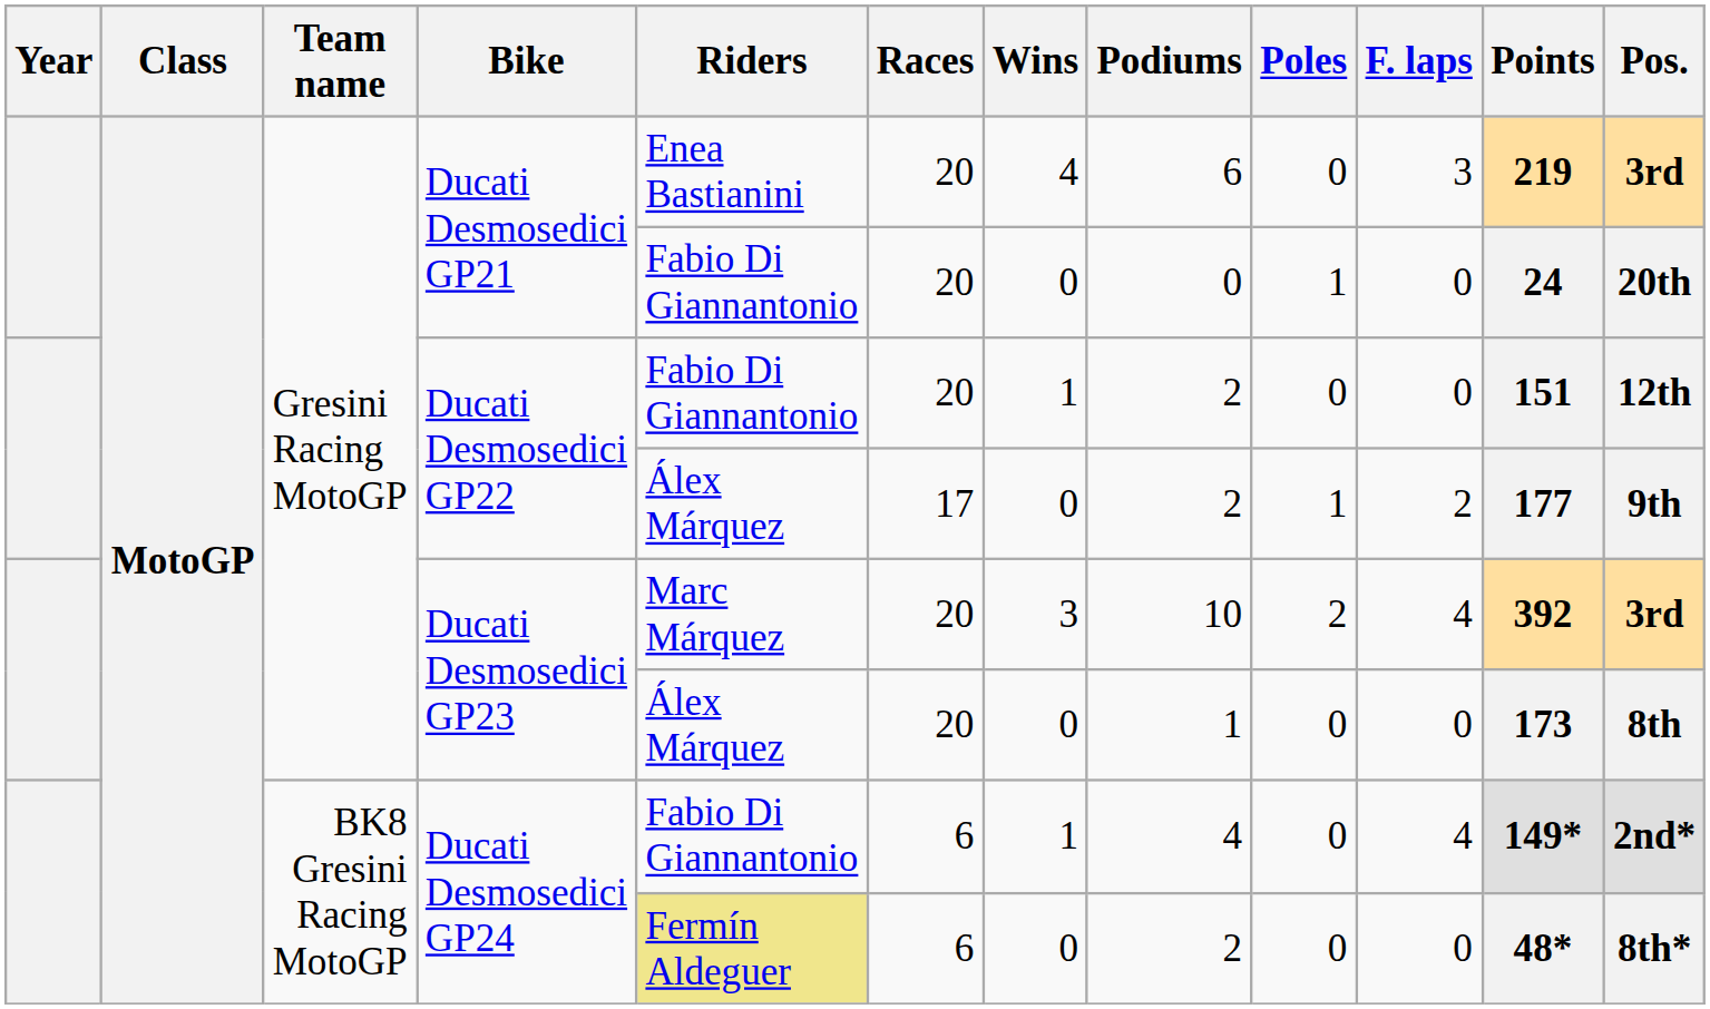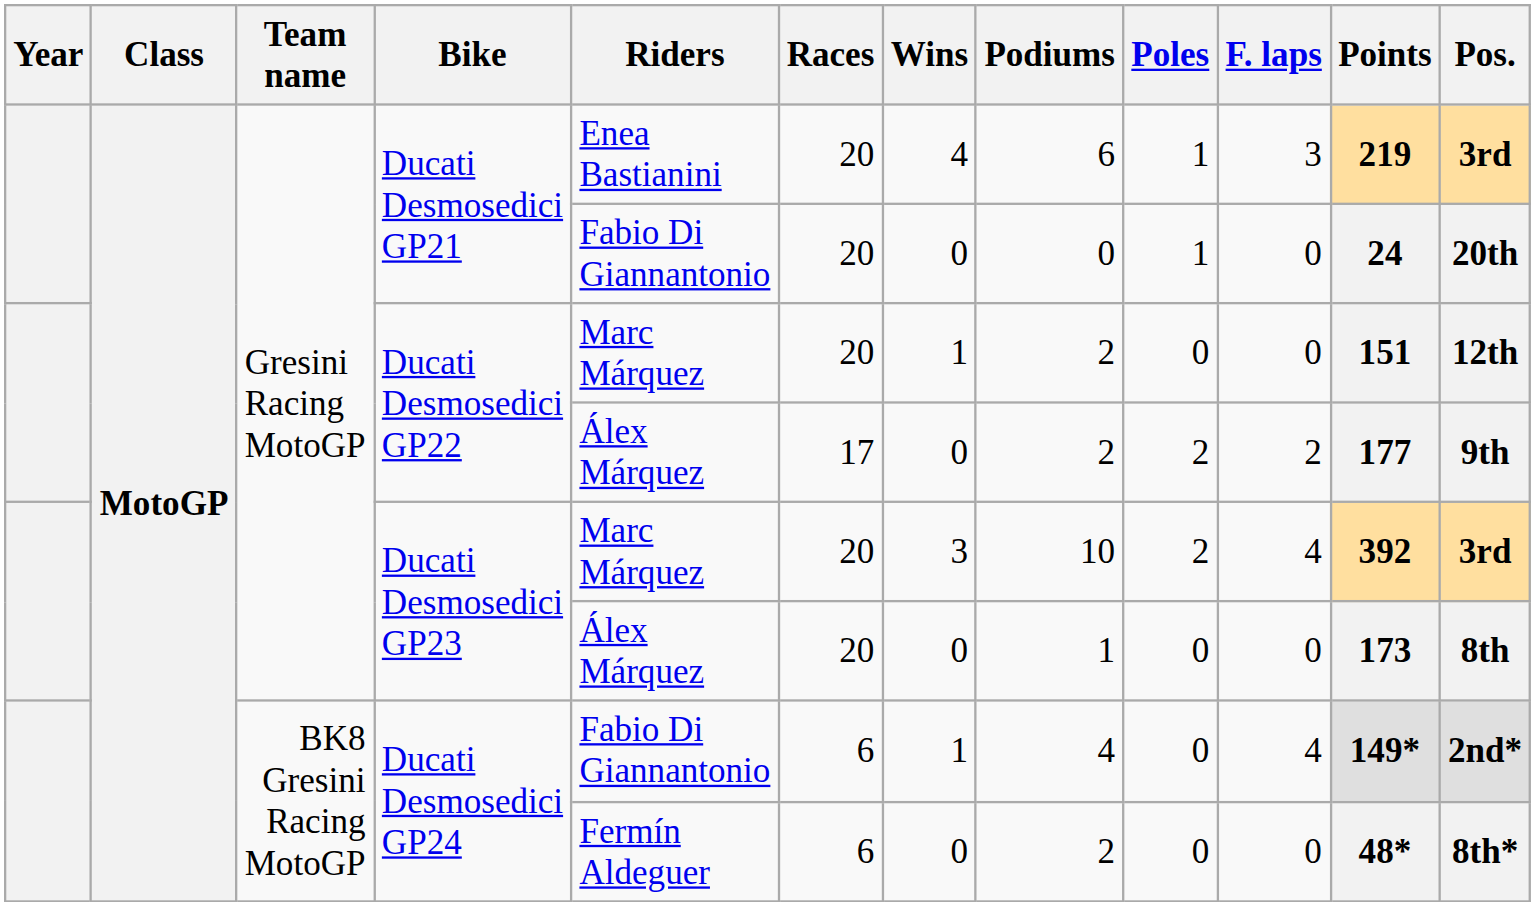 <table class="wikitable" style="text-align:right; font-size:95%;">
 <tr>
 <th>Year</th>
 <th>Class</th>
 <th>Team name</th>
 <th>Bike</th>
 <th>Riders</th>
 <th>Races</th>
 <th>Wins</th>
 <th>Podiums</th>
 <th><a href='#'>Poles</a></th>
 <th><a href='#'>F. laps</a></th>
 <th>Points</th>
 <th>Pos.</th>
 </tr>
 <tr>
 <th rowspan="2"></th>
 <th rowspan="8">MotoGP</th>
 <td style="text-align:left;" rowspan="6">Gresini Racing MotoGP</td>
 <td style="text-align:left;" rowspan="2"><a href='#'>Ducati Desmosedici GP21</a></td>
 <td style="text-align:left;"> <a href='#'>Enea Bastianini</a></td>
 <td>20</td>
 <td>4</td>
 <td>6</td>
-<td>0</td>
+<td>1</td>
 <td>3</td>
 <th style="background:#FFDF9F;">219</th>
 <th style="background:#FFDF9F;">3rd</th>
 </tr>
 <tr>
 <td style="text-align:left;"> <a href='#'>Fabio Di Giannantonio</a></td>
 <td>20</td>
 <td>0</td>
 <td>0</td>
 <td>1</td>
 <td>0</td>
 <th>24</th>
 <th>20th</th>
 </tr>
 <tr>
 <th rowspan="2"></th>
 <td style="text-align:left;" rowspan="2"><a href='#'>Ducati Desmosedici GP22</a></td>
-<td style="text-align:left;"> <a href='#'>Fabio Di Giannantonio</a></td>
+<td style="text-align:left;"> <a href='#'>Marc Márquez</a></td>
 <td>20</td>
 <td>1</td>
 <td>2</td>
 <td>0</td>
 <td>0</td>
 <th>151</th>
 <th>12th</th>
 </tr>
 <tr>
 <td style="text-align:left;"> <a href='#'>Álex Márquez</a></td>
 <td>17</td>
 <td>0</td>
 <td>2</td>
-<td>1</td>
+<td>2</td>
 <td>2</td>
 <th>177</th>
 <th>9th</th>
 </tr>
 <tr>
 <th rowspan="2"></th>
 <td style="text-align:left;" rowspan="2"><a href='#'>Ducati Desmosedici GP23</a></td>
 <td style="text-align:left;"> <a href='#'>Marc Márquez</a></td>
 <td>20</td>
 <td>3</td>
 <td>10</td>
 <td>2</td>
 <td>4</td>
 <th style="background:#FFDF9F;">392</th>
 <th style="background:#FFDF9F;">3rd</th>
 </tr>
 <tr>
 <td style="text-align:left;"> <a href='#'>Álex Márquez</a></td>
 <td>20</td>
 <td>0</td>
 <td>1</td>
 <td>0</td>
 <td>0</td>
 <th>173</th>
 <th>8th</th>
 </tr>
 <tr>
 <th rowspan="2"></th>
 <td rowspan="2">BK8 Gresini Racing MotoGP</td>
 <td style="text-align:left;" rowspan="2"><a href='#'>Ducati Desmosedici GP24</a></td>
 <td style="text-align:left;"> <a href='#'>Fabio Di Giannantonio</a></td>
 <td>6</td>
 <td>1</td>
 <td>4</td>
 <td>0</td>
 <td>4</td>
 <th style="background:#DFDFDF;">149*</th>
 <th style="background:#DFDFDF;">2nd*</th>
 </tr>
 <tr>
-<td style="background: khaki; text-align:left;"> <a href='#'>Fermín Aldeguer</a></td>
+<td style="text-align:left;"> <a href='#'>Fermín Aldeguer</a></td>
 <td>6</td>
 <td>0</td>
 <td>2</td>
 <td>0</td>
 <td>0</td>
 <th>48*</th>
 <th>8th*</th>
 </tr>
 </table>
